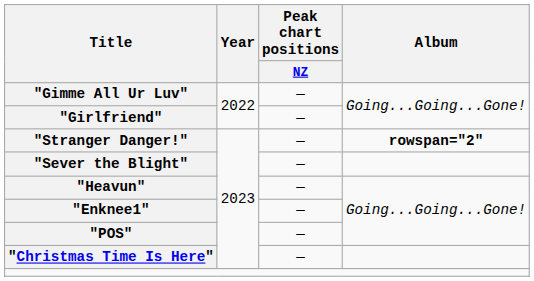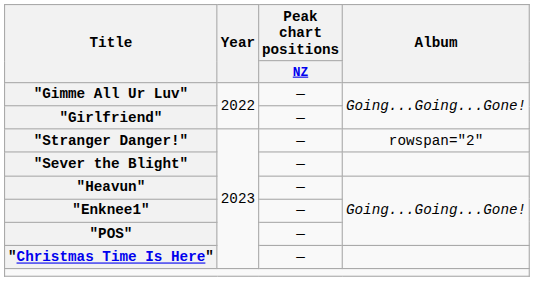 <table class="wikitable plainrowheaders" style=text-align:center;>
 <tr>
 <th scope="col" rowspan="2">Title</th>
 <th scope="col" rowspan="2">Year</th>
 <th scope="col" colspan="1">Peak chart positions</th>
 <th scope="col" rowspan="2">Album</th>
 </tr>
 <tr>
 <th scope="col" style="width:3em;font-size:90%;"><a href='#'>NZ</a><br></th>
 </tr>
 <tr>
 <th scope="row">"Gimme All Ur Luv"</th>
 <td rowspan="2">2022</td>
 <td>—</td>
 <td rowspan="2"><em>Going...Going...Gone!</em></td>
 </tr>
 <tr>
 <th scope="row">"Girlfriend"</th>
 <td>—</td>
 </tr>
 <tr>
 <th scope="row">"Stranger Danger!"</th>
 <td rowspan="6">2023</td>
 <td>—</td>
-<td><strong>rowspan="2" </strong></td>
+<td>rowspan="2" </td>
 </tr>
 <tr>
 <th scope="row">"Sever the Blight"</th>
 <td>—</td>
 </tr>
 <tr>
 <th scope="row">"Heavun"</th>
 <td>—</td>
 <td rowspan="3"><em>Going...Going...Gone!</em></td>
 </tr>
 <tr>
 <th scope="row">"Enknee1"</th>
 <td>—</td>
 </tr>
 <tr>
 <th scope="row">"POS"</th>
 <td>—</td>
 </tr>
 <tr>
 <th scope="row">"<a href='#'>Christmas Time Is Here</a>"</th>
 <td>—</td>
 <td></td>
 </tr>
 <tr>
 <td colspan="4"></td>
 </tr>
 </table>
